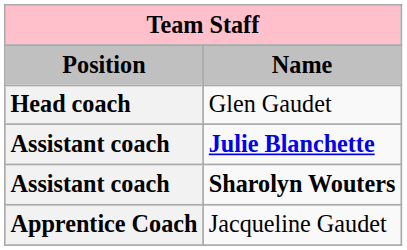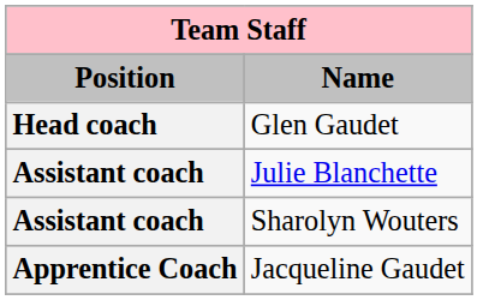 <table class="wikitable" style="text-align:left; font-size:90%;">
 <tr>
 <th style=background:pink colspan=3>Team Staff</th>
 </tr>
 <tr>
 <th style="background:silver;">Position</th>
 <th style="background:silver;">Name</th>
 </tr>
 <tr>
 <th style="text-align:left;">Head coach</th>
 <td>Glen Gaudet</td>
 </tr>
 <tr>
 <th style="text-align:left;">Assistant coach</th>
-<td><strong><a href='#'>Julie Blanchette</a></strong></td>
+<td><a href='#'>Julie Blanchette</a></td>
 </tr>
 <tr>
 <th style="text-align:left;">Assistant coach</th>
-<td><strong>Sharolyn Wouters</strong></td>
+<td>Sharolyn Wouters</td>
 </tr>
 <tr>
 <th style="text-align:left;">Apprentice Coach</th>
 <td>Jacqueline Gaudet</td>
 </tr>
 </table>
